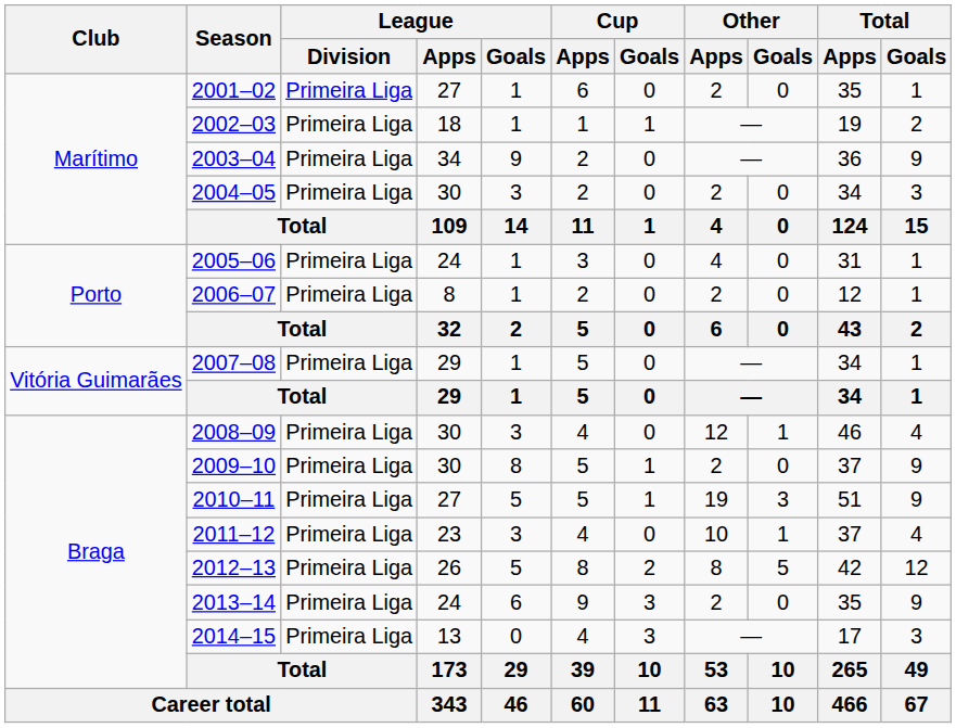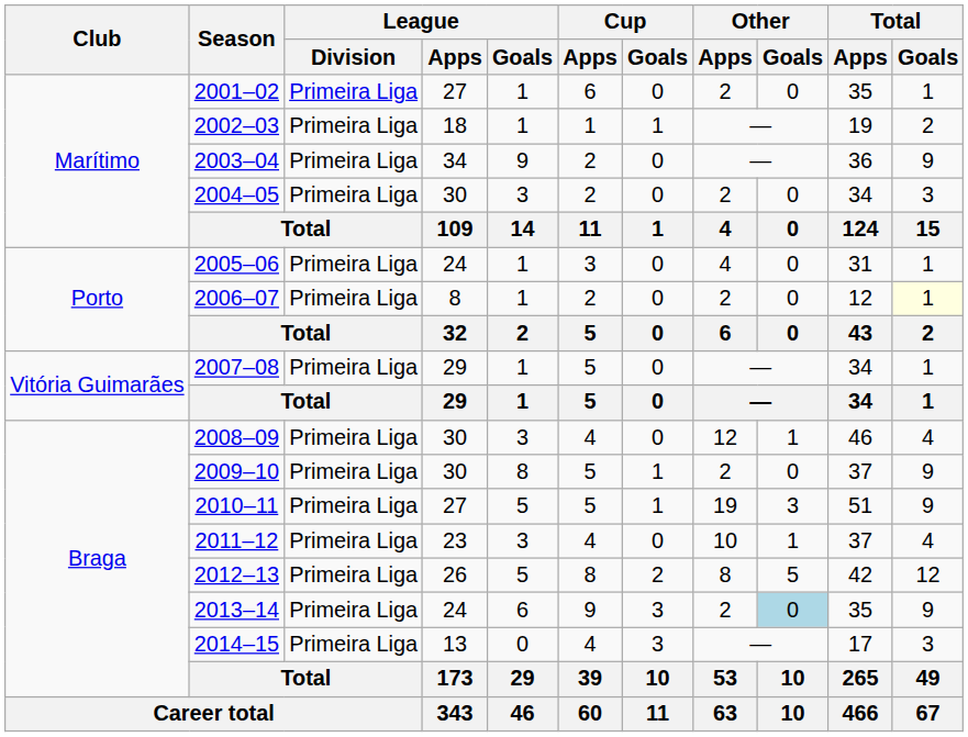 <table class="wikitable" style="text-align: center;">
 <tr>
 <th rowspan="2">Club</th>
 <th rowspan="2">Season</th>
 <th colspan="3">League</th>
 <th colspan="2">Cup</th>
 <th colspan="2">Other</th>
 <th colspan="2">Total</th>
 </tr>
 <tr>
 <th>Division</th>
 <th>Apps</th>
 <th>Goals</th>
 <th>Apps</th>
 <th>Goals</th>
 <th>Apps</th>
 <th>Goals</th>
 <th>Apps</th>
 <th>Goals</th>
 </tr>
 <tr>
 <td rowspan="5"><a href='#'>Marítimo</a></td>
 <td><a href='#'>2001–02</a></td>
 <td><a href='#'>Primeira Liga</a></td>
 <td>27</td>
 <td>1</td>
 <td>6</td>
 <td>0</td>
 <td>2</td>
 <td>0</td>
 <td>35</td>
 <td>1</td>
 </tr>
 <tr>
 <td><a href='#'>2002–03</a></td>
 <td>Primeira Liga</td>
 <td>18</td>
 <td>1</td>
 <td>1</td>
 <td>1</td>
 <td colspan="2">—</td>
 <td>19</td>
 <td>2</td>
 </tr>
 <tr>
 <td><a href='#'>2003–04</a></td>
 <td>Primeira Liga</td>
 <td>34</td>
 <td>9</td>
 <td>2</td>
 <td>0</td>
 <td colspan="2">—</td>
 <td>36</td>
 <td>9</td>
 </tr>
 <tr>
 <td><a href='#'>2004–05</a></td>
 <td>Primeira Liga</td>
 <td>30</td>
 <td>3</td>
 <td>2</td>
 <td>0</td>
 <td>2</td>
 <td>0</td>
 <td>34</td>
 <td>3</td>
 </tr>
 <tr>
 <th colspan="2">Total</th>
 <th>109</th>
 <th>14</th>
 <th>11</th>
 <th>1</th>
 <th>4</th>
 <th>0</th>
 <th>124</th>
 <th>15</th>
 </tr>
 <tr>
 <td rowspan="3"><a href='#'>Porto</a></td>
 <td><a href='#'>2005–06</a></td>
 <td>Primeira Liga</td>
 <td>24</td>
 <td>1</td>
 <td>3</td>
 <td>0</td>
 <td>4</td>
 <td>0</td>
 <td>31</td>
 <td>1</td>
 </tr>
 <tr>
 <td><a href='#'>2006–07</a></td>
 <td>Primeira Liga</td>
 <td>8</td>
 <td>1</td>
 <td>2</td>
 <td>0</td>
 <td>2</td>
 <td>0</td>
 <td>12</td>
-<td>1</td>
+<td style="background: lightyellow;">1</td>
 </tr>
 <tr>
 <th colspan="2">Total</th>
 <th>32</th>
 <th>2</th>
 <th>5</th>
 <th>0</th>
 <th>6</th>
 <th>0</th>
 <th>43</th>
 <th>2</th>
 </tr>
 <tr>
 <td rowspan="2"><a href='#'>Vitória Guimarães</a></td>
 <td><a href='#'>2007–08</a></td>
 <td>Primeira Liga</td>
 <td>29</td>
 <td>1</td>
 <td>5</td>
 <td>0</td>
 <td colspan="2">—</td>
 <td>34</td>
 <td>1</td>
 </tr>
 <tr>
 <th colspan="2">Total</th>
 <th>29</th>
 <th>1</th>
 <th>5</th>
 <th>0</th>
 <th colspan="2">—</th>
 <th>34</th>
 <th>1</th>
 </tr>
 <tr>
 <td rowspan="8"><a href='#'>Braga</a></td>
 <td><a href='#'>2008–09</a></td>
 <td>Primeira Liga</td>
 <td>30</td>
 <td>3</td>
 <td>4</td>
 <td>0</td>
 <td>12</td>
 <td>1</td>
 <td>46</td>
 <td>4</td>
 </tr>
 <tr>
 <td><a href='#'>2009–10</a></td>
 <td>Primeira Liga</td>
 <td>30</td>
 <td>8</td>
 <td>5</td>
 <td>1</td>
 <td>2</td>
 <td>0</td>
 <td>37</td>
 <td>9</td>
 </tr>
 <tr>
 <td><a href='#'>2010–11</a></td>
 <td>Primeira Liga</td>
 <td>27</td>
 <td>5</td>
 <td>5</td>
 <td>1</td>
 <td>19</td>
 <td>3</td>
 <td>51</td>
 <td>9</td>
 </tr>
 <tr>
 <td><a href='#'>2011–12</a></td>
 <td>Primeira Liga</td>
 <td>23</td>
 <td>3</td>
 <td>4</td>
 <td>0</td>
 <td>10</td>
 <td>1</td>
 <td>37</td>
 <td>4</td>
 </tr>
 <tr>
 <td><a href='#'>2012–13</a></td>
 <td>Primeira Liga</td>
 <td>26</td>
 <td>5</td>
 <td>8</td>
 <td>2</td>
 <td>8</td>
 <td>5</td>
 <td>42</td>
 <td>12</td>
 </tr>
 <tr>
 <td><a href='#'>2013–14</a></td>
 <td>Primeira Liga</td>
 <td>24</td>
 <td>6</td>
 <td>9</td>
 <td>3</td>
 <td>2</td>
-<td>0</td>
+<td style="background: lightblue;">0</td>
 <td>35</td>
 <td>9</td>
 </tr>
 <tr>
 <td><a href='#'>2014–15</a></td>
 <td>Primeira Liga</td>
 <td>13</td>
 <td>0</td>
 <td>4</td>
 <td>3</td>
 <td colspan="2">—</td>
 <td>17</td>
 <td>3</td>
 </tr>
 <tr>
 <th colspan="2">Total</th>
 <th>173</th>
 <th>29</th>
 <th>39</th>
 <th>10</th>
 <th>53</th>
 <th>10</th>
 <th>265</th>
 <th>49</th>
 </tr>
 <tr>
 <th colspan="3">Career total</th>
 <th>343</th>
 <th>46</th>
 <th>60</th>
 <th>11</th>
 <th>63</th>
 <th>10</th>
 <th>466</th>
 <th>67</th>
 </tr>
 </table>
